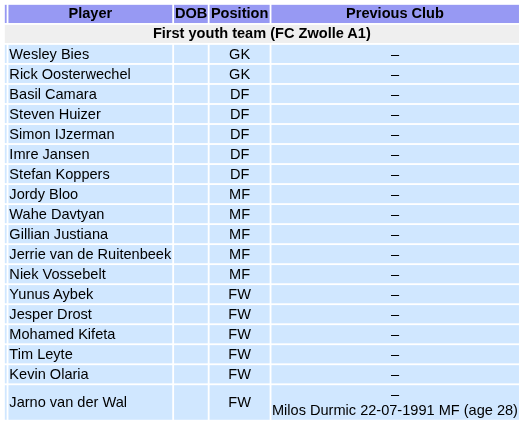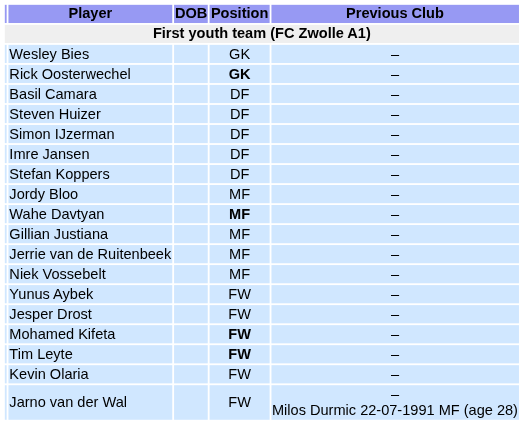 <table>
 <tr bgcolor=#9799F3>
 <th></th>
 <th>Player</th>
 <th>DOB</th>
 <th>Position</th>
 <th>Previous Club</th>
 </tr>
 <tr>
 <th colspan=6 bgcolor=#EFEFEF>First youth team (FC Zwolle A1)</th>
 </tr>
 <tr bgcolor=#D0E7FF>
 <td align=center></td>
 <td>Wesley Bies</td>
 <td></td>
 <td align=center>GK</td>
 <td align=center>–</td>
 </tr>
 <tr bgcolor=#D0E7FF>
 <td align=center></td>
 <td>Rick Oosterwechel</td>
 <td></td>
-<td align=center>GK</td>
+<td align=center><strong>GK</strong></td>
 <td align=center>–</td>
 </tr>
 <tr bgcolor=#D0E7FF>
 <td align=center></td>
 <td>Basil Camara</td>
 <td></td>
 <td align=center>DF</td>
 <td align=center>–</td>
 </tr>
 <tr bgcolor=#D0E7FF>
 <td align=center></td>
 <td>Steven Huizer</td>
 <td></td>
 <td align=center>DF</td>
 <td align=center>–</td>
 </tr>
 <tr bgcolor=#D0E7FF>
 <td align=center></td>
 <td>Simon IJzerman</td>
 <td></td>
 <td align=center>DF</td>
 <td align=center>–</td>
 </tr>
 <tr bgcolor=#D0E7FF>
 <td align=center></td>
 <td>Imre Jansen</td>
 <td></td>
 <td align=center>DF</td>
 <td align=center>–</td>
 </tr>
 <tr bgcolor=#D0E7FF>
 <td align=center></td>
 <td>Stefan Koppers</td>
 <td></td>
 <td align=center>DF</td>
 <td align=center>–</td>
 </tr>
 <tr bgcolor=#D0E7FF>
 <td align=center></td>
 <td>Jordy Bloo</td>
 <td></td>
 <td align=center>MF</td>
 <td align=center>–</td>
 </tr>
 <tr bgcolor=#D0E7FF>
 <td align=center></td>
 <td>Wahe Davtyan</td>
 <td></td>
-<td align=center>MF</td>
+<td align=center><strong>MF</strong></td>
 <td align=center>–</td>
 </tr>
 <tr bgcolor=#D0E7FF>
 <td align=center></td>
 <td>Gillian Justiana</td>
 <td></td>
 <td align=center>MF</td>
 <td align=center>–</td>
 </tr>
 <tr bgcolor=#D0E7FF>
 <td align=center></td>
 <td>Jerrie van de Ruitenbeek</td>
 <td></td>
 <td align=center>MF</td>
 <td align=center>–</td>
 </tr>
 <tr bgcolor=#D0E7FF>
 <td align=center></td>
 <td>Niek Vossebelt</td>
 <td></td>
 <td align=center>MF</td>
 <td align=center>–</td>
 </tr>
 <tr bgcolor=#D0E7FF>
 <td align=center></td>
 <td>Yunus Aybek</td>
 <td></td>
 <td align=center>FW</td>
 <td align=center>–</td>
 </tr>
 <tr bgcolor=#D0E7FF>
 <td align=center></td>
 <td>Jesper Drost</td>
 <td></td>
 <td align=center>FW</td>
 <td align=center>–</td>
 </tr>
 <tr bgcolor=#D0E7FF>
 <td align=center></td>
 <td>Mohamed Kifeta</td>
 <td></td>
-<td align=center>FW</td>
+<td align=center><strong>FW</strong></td>
 <td align=center>–</td>
 </tr>
 <tr bgcolor=#D0E7FF>
 <td align=center></td>
 <td>Tim Leyte</td>
 <td></td>
-<td align=center>FW</td>
+<td align=center><strong>FW</strong></td>
 <td align=center>–</td>
 </tr>
 <tr bgcolor=#D0E7FF>
 <td align=center></td>
 <td>Kevin Olaria</td>
 <td></td>
 <td align=center>FW</td>
 <td align=center>–</td>
 </tr>
 <tr bgcolor=#D0E7FF>
 <td align=center></td>
 <td>Jarno van der Wal</td>
 <td></td>
 <td align=center>FW</td>
 <td align=center>–<br>Milos Durmic 22-07-1991 MF (age 28)</td>
 </tr>
 </table>
